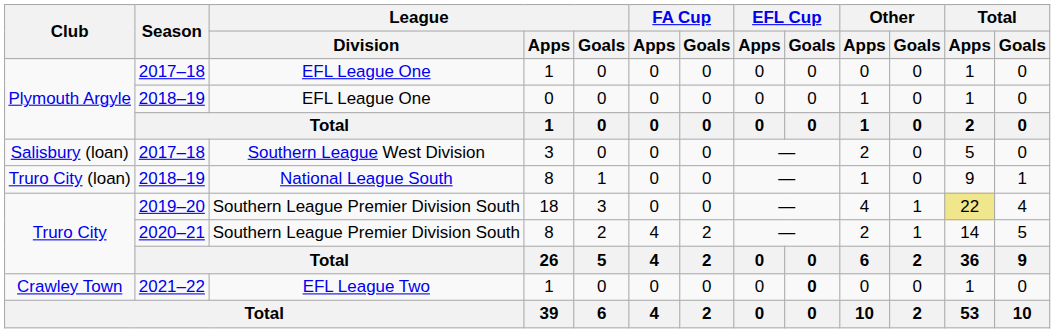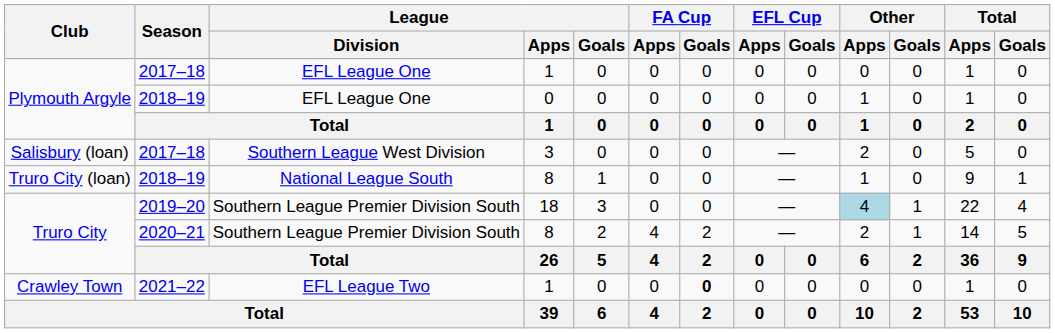 <table class="wikitable" style="text-align: center">
 <tr>
 <th rowspan="2">Club</th>
 <th rowspan="2">Season</th>
 <th colspan="3">League</th>
 <th colspan="2"><a href='#'>FA Cup</a></th>
 <th colspan="2"><a href='#'>EFL Cup</a></th>
 <th colspan="2">Other</th>
 <th colspan="2">Total</th>
 </tr>
 <tr>
 <th>Division</th>
 <th>Apps</th>
 <th>Goals</th>
 <th>Apps</th>
 <th>Goals</th>
 <th>Apps</th>
 <th>Goals</th>
 <th>Apps</th>
 <th>Goals</th>
 <th>Apps</th>
 <th>Goals</th>
 </tr>
 <tr>
 <td rowspan="3"><a href='#'>Plymouth Argyle</a></td>
 <td><a href='#'>2017–18</a></td>
 <td><a href='#'>EFL League One</a></td>
 <td>1</td>
 <td>0</td>
 <td>0</td>
 <td>0</td>
 <td>0</td>
 <td>0</td>
 <td>0</td>
 <td>0</td>
 <td>1</td>
 <td>0</td>
 </tr>
 <tr>
 <td><a href='#'>2018–19</a></td>
 <td>EFL League One</td>
 <td>0</td>
 <td>0</td>
 <td>0</td>
 <td>0</td>
 <td>0</td>
 <td>0</td>
 <td>1</td>
 <td>0</td>
 <td>1</td>
 <td>0</td>
 </tr>
 <tr>
 <th colspan="2">Total</th>
 <th>1</th>
 <th>0</th>
 <th>0</th>
 <th>0</th>
 <th>0</th>
 <th>0</th>
 <th>1</th>
 <th>0</th>
 <th>2</th>
 <th>0</th>
 </tr>
 <tr>
 <td><a href='#'>Salisbury</a> (loan)</td>
 <td><a href='#'>2017–18</a></td>
 <td><a href='#'>Southern League</a> West Division</td>
 <td>3</td>
 <td>0</td>
 <td>0</td>
 <td>0</td>
 <td colspan="2">—</td>
 <td>2</td>
 <td>0</td>
 <td>5</td>
 <td>0</td>
 </tr>
 <tr>
 <td><a href='#'>Truro City</a> (loan)</td>
 <td><a href='#'>2018–19</a></td>
 <td><a href='#'>National League South</a></td>
 <td>8</td>
 <td>1</td>
 <td>0</td>
 <td>0</td>
 <td colspan="2">—</td>
 <td>1</td>
 <td>0</td>
 <td>9</td>
 <td>1</td>
 </tr>
 <tr>
 <td rowspan="3"><a href='#'>Truro City</a></td>
 <td><a href='#'>2019–20</a></td>
 <td>Southern League Premier Division South</td>
 <td>18</td>
 <td>3</td>
 <td>0</td>
 <td>0</td>
 <td colspan="2">—</td>
-<td>4</td>
+<td style="background: lightblue;">4</td>
 <td>1</td>
-<td style="background: khaki;">22</td>
+<td>22</td>
 <td>4</td>
 </tr>
 <tr>
 <td><a href='#'>2020–21</a></td>
 <td>Southern League Premier Division South</td>
 <td>8</td>
 <td>2</td>
 <td>4</td>
 <td>2</td>
 <td colspan="2">—</td>
 <td>2</td>
 <td>1</td>
 <td>14</td>
 <td>5</td>
 </tr>
 <tr>
 <th colspan="2">Total</th>
 <th>26</th>
 <th>5</th>
 <th>4</th>
 <th>2</th>
 <th>0</th>
 <th>0</th>
 <th>6</th>
 <th>2</th>
 <th>36</th>
 <th>9</th>
 </tr>
 <tr>
 <td><a href='#'>Crawley Town</a></td>
 <td><a href='#'>2021–22</a></td>
 <td><a href='#'>EFL League Two</a></td>
 <td>1</td>
 <td>0</td>
 <td>0</td>
+<td><strong>0</strong></td>
 <td>0</td>
 <td>0</td>
-<td><strong>0</strong></td>
 <td>0</td>
 <td>0</td>
 <td>1</td>
 <td>0</td>
 </tr>
 <tr>
 <th colspan="3">Total</th>
 <th>39</th>
 <th>6</th>
 <th>4</th>
 <th>2</th>
 <th>0</th>
 <th>0</th>
 <th>10</th>
 <th>2</th>
 <th>53</th>
 <th>10</th>
 </tr>
 </table>
